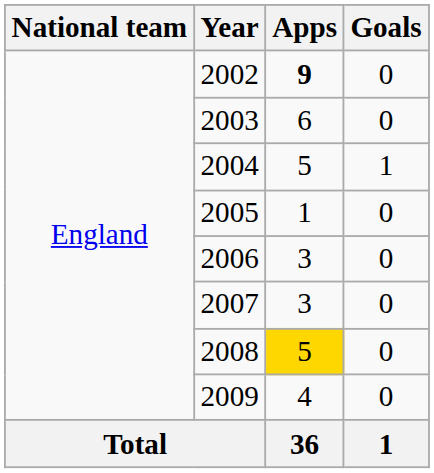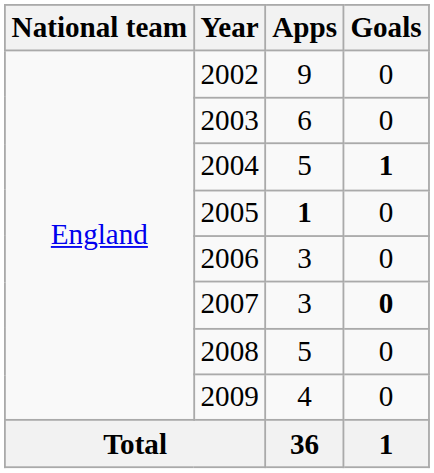 <table class="wikitable" style="text-align:center">
 <tr>
 <th>National team</th>
 <th>Year</th>
 <th>Apps</th>
 <th>Goals</th>
 </tr>
 <tr>
 <td rowspan="8"><a href='#'>England</a></td>
 <td>2002</td>
-<td><strong>9</strong></td>
+<td>9</td>
 <td>0</td>
 </tr>
 <tr>
 <td>2003</td>
 <td>6</td>
 <td>0</td>
 </tr>
 <tr>
 <td>2004</td>
 <td>5</td>
-<td>1</td>
+<td><strong>1</strong></td>
 </tr>
 <tr>
 <td>2005</td>
-<td>1</td>
+<td><strong>1</strong></td>
 <td>0</td>
 </tr>
 <tr>
 <td>2006</td>
 <td>3</td>
 <td>0</td>
 </tr>
 <tr>
 <td>2007</td>
 <td>3</td>
-<td>0</td>
+<td><strong>0</strong></td>
 </tr>
 <tr>
 <td>2008</td>
-<td style="background: gold;">5</td>
+<td>5</td>
 <td>0</td>
 </tr>
 <tr>
 <td>2009</td>
 <td>4</td>
 <td>0</td>
 </tr>
 <tr>
 <th colspan="2">Total</th>
 <th>36</th>
 <th>1</th>
 </tr>
 </table>
